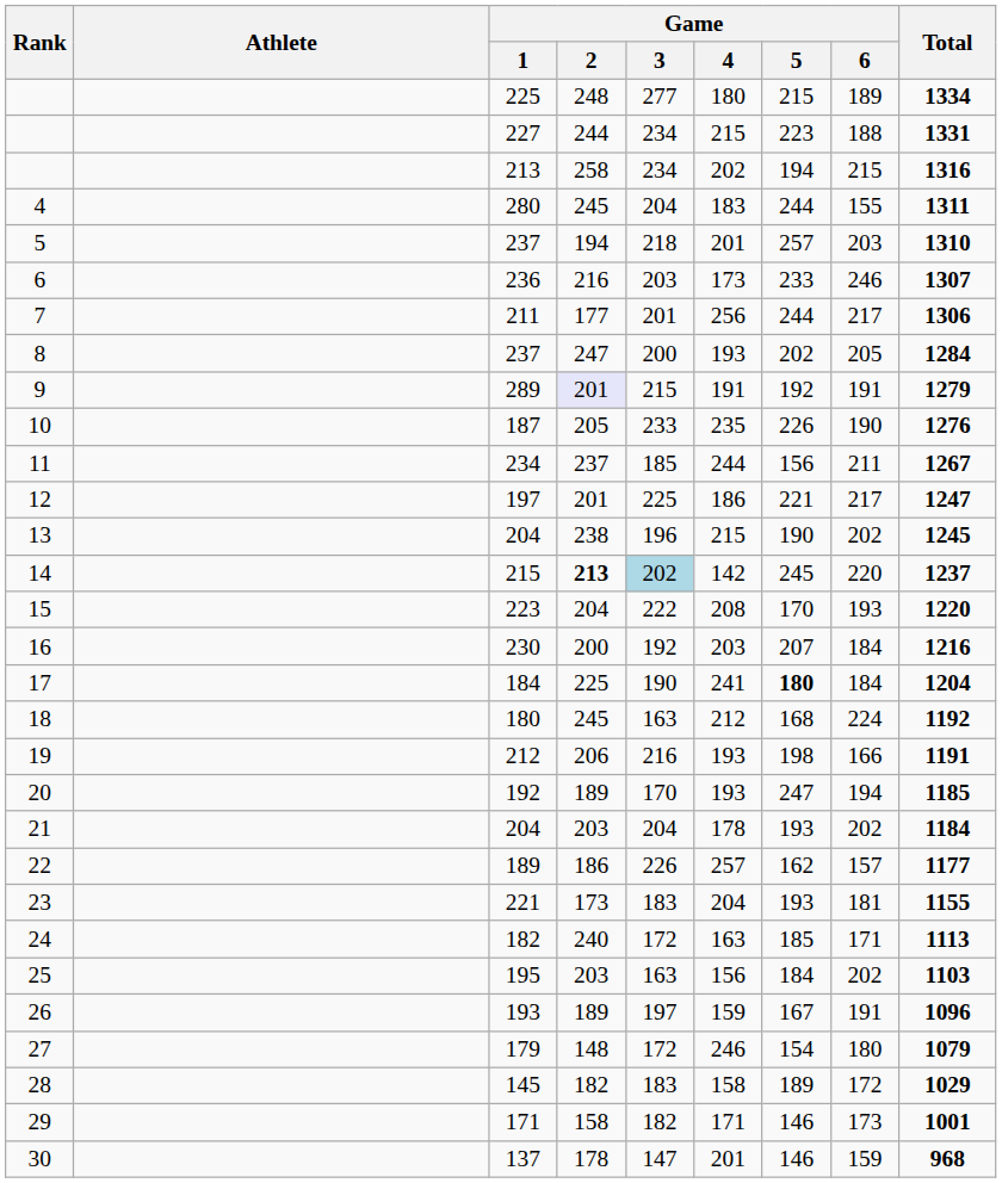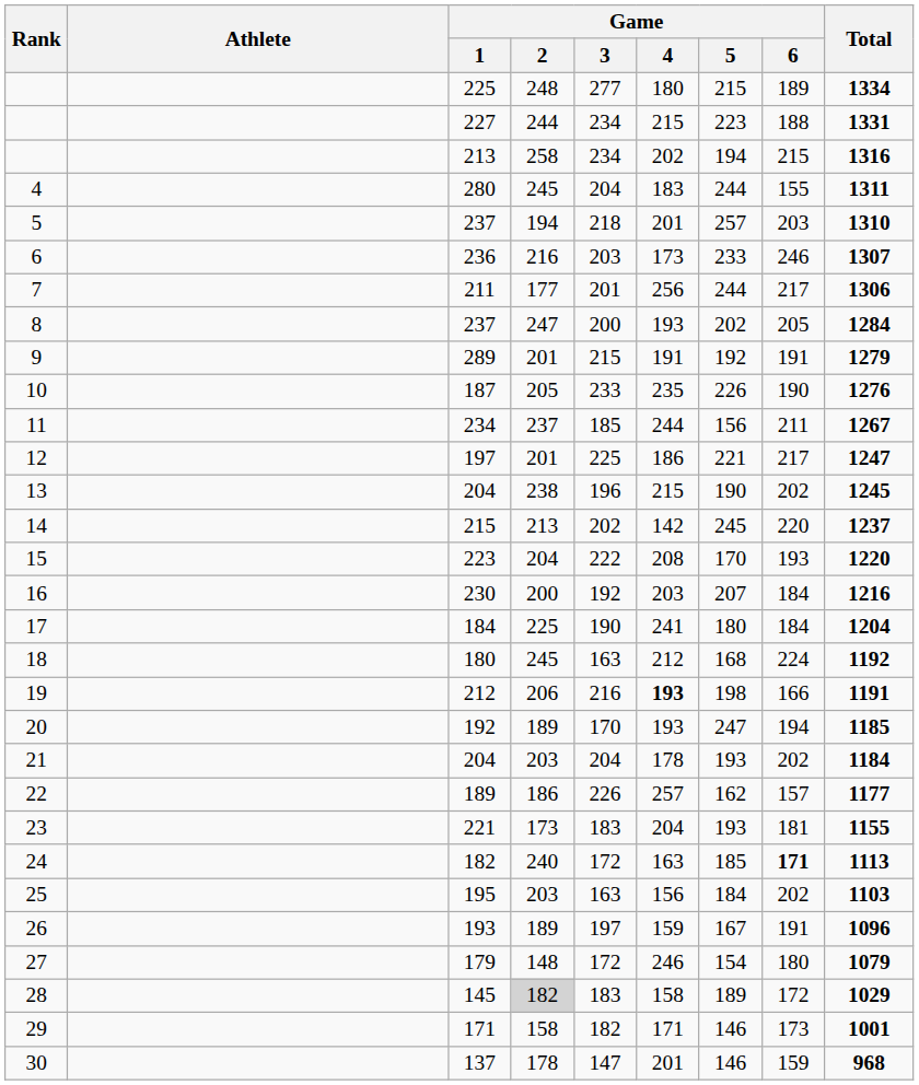 <table class=wikitable style="text-align:center">
 <tr>
 <th rowspan="2" width=40>Rank</th>
 <th rowspan="2" width=280>Athlete</th>
 <th colspan="6">Game</th>
 <th rowspan="2" width=60>Total</th>
 </tr>
 <tr>
 <th width=40>1</th>
 <th width=40>2</th>
 <th width=40>3</th>
 <th width=40>4</th>
 <th width=40>5</th>
 <th width=40>6</th>
 </tr>
 <tr>
 <td></td>
 <td align=left></td>
 <td>225</td>
 <td>248</td>
 <td>277</td>
 <td>180</td>
 <td>215</td>
 <td>189</td>
 <td><strong>1334</strong></td>
 </tr>
 <tr>
 <td></td>
 <td align=left></td>
 <td>227</td>
 <td>244</td>
 <td>234</td>
 <td>215</td>
 <td>223</td>
 <td>188</td>
 <td><strong>1331</strong></td>
 </tr>
 <tr>
 <td></td>
 <td align=left></td>
 <td>213</td>
 <td>258</td>
 <td>234</td>
 <td>202</td>
 <td>194</td>
 <td>215</td>
 <td><strong>1316</strong></td>
 </tr>
 <tr>
 <td>4</td>
 <td align=left></td>
 <td>280</td>
 <td>245</td>
 <td>204</td>
 <td>183</td>
 <td>244</td>
 <td>155</td>
 <td><strong>1311</strong></td>
 </tr>
 <tr>
 <td>5</td>
 <td align=left></td>
 <td>237</td>
 <td>194</td>
 <td>218</td>
 <td>201</td>
 <td>257</td>
 <td>203</td>
 <td><strong>1310</strong></td>
 </tr>
 <tr>
 <td>6</td>
 <td align=left></td>
 <td>236</td>
 <td>216</td>
 <td>203</td>
 <td>173</td>
 <td>233</td>
 <td>246</td>
 <td><strong>1307</strong></td>
 </tr>
 <tr>
 <td>7</td>
 <td align=left></td>
 <td>211</td>
 <td>177</td>
 <td>201</td>
 <td>256</td>
 <td>244</td>
 <td>217</td>
 <td><strong>1306</strong></td>
 </tr>
 <tr>
 <td>8</td>
 <td align=left></td>
 <td>237</td>
 <td>247</td>
 <td>200</td>
 <td>193</td>
 <td>202</td>
 <td>205</td>
 <td><strong>1284</strong></td>
 </tr>
 <tr>
 <td>9</td>
 <td align=left></td>
 <td>289</td>
-<td style="background: lavender;">201</td>
+<td>201</td>
 <td>215</td>
 <td>191</td>
 <td>192</td>
 <td>191</td>
 <td><strong>1279</strong></td>
 </tr>
 <tr>
 <td>10</td>
 <td align=left></td>
 <td>187</td>
 <td>205</td>
 <td>233</td>
 <td>235</td>
 <td>226</td>
 <td>190</td>
 <td><strong>1276</strong></td>
 </tr>
 <tr>
 <td>11</td>
 <td align=left></td>
 <td>234</td>
 <td>237</td>
 <td>185</td>
 <td>244</td>
 <td>156</td>
 <td>211</td>
 <td><strong>1267</strong></td>
 </tr>
 <tr>
 <td>12</td>
 <td align=left></td>
 <td>197</td>
 <td>201</td>
 <td>225</td>
 <td>186</td>
 <td>221</td>
 <td>217</td>
 <td><strong>1247</strong></td>
 </tr>
 <tr>
 <td>13</td>
 <td align=left></td>
 <td>204</td>
 <td>238</td>
 <td>196</td>
 <td>215</td>
 <td>190</td>
 <td>202</td>
 <td><strong>1245</strong></td>
 </tr>
 <tr>
 <td>14</td>
 <td align=left></td>
 <td>215</td>
-<td><strong>213</strong></td>
-<td style="background: lightblue;">202</td>
+<td>213</td>
+<td>202</td>
 <td>142</td>
 <td>245</td>
 <td>220</td>
 <td><strong>1237</strong></td>
 </tr>
 <tr>
 <td>15</td>
 <td align=left></td>
 <td>223</td>
 <td>204</td>
 <td>222</td>
 <td>208</td>
 <td>170</td>
 <td>193</td>
 <td><strong>1220</strong></td>
 </tr>
 <tr>
 <td>16</td>
 <td align=left></td>
 <td>230</td>
 <td>200</td>
 <td>192</td>
 <td>203</td>
 <td>207</td>
 <td>184</td>
 <td><strong>1216</strong></td>
 </tr>
 <tr>
 <td>17</td>
 <td align=left></td>
 <td>184</td>
 <td>225</td>
 <td>190</td>
 <td>241</td>
-<td><strong>180</strong></td>
+<td>180</td>
 <td>184</td>
 <td><strong>1204</strong></td>
 </tr>
 <tr>
 <td>18</td>
 <td align=left></td>
 <td>180</td>
 <td>245</td>
 <td>163</td>
 <td>212</td>
 <td>168</td>
 <td>224</td>
 <td><strong>1192</strong></td>
 </tr>
 <tr>
 <td>19</td>
 <td align=left></td>
 <td>212</td>
 <td>206</td>
 <td>216</td>
-<td>193</td>
+<td><strong>193</strong></td>
 <td>198</td>
 <td>166</td>
 <td><strong>1191</strong></td>
 </tr>
 <tr>
 <td>20</td>
 <td align=left></td>
 <td>192</td>
 <td>189</td>
 <td>170</td>
 <td>193</td>
 <td>247</td>
 <td>194</td>
 <td><strong>1185</strong></td>
 </tr>
 <tr>
 <td>21</td>
 <td align=left></td>
 <td>204</td>
 <td>203</td>
 <td>204</td>
 <td>178</td>
 <td>193</td>
 <td>202</td>
 <td><strong>1184</strong></td>
 </tr>
 <tr>
 <td>22</td>
 <td align=left></td>
 <td>189</td>
 <td>186</td>
 <td>226</td>
 <td>257</td>
 <td>162</td>
 <td>157</td>
 <td><strong>1177</strong></td>
 </tr>
 <tr>
 <td>23</td>
 <td align=left></td>
 <td>221</td>
 <td>173</td>
 <td>183</td>
 <td>204</td>
 <td>193</td>
 <td>181</td>
 <td><strong>1155</strong></td>
 </tr>
 <tr>
 <td>24</td>
 <td align=left></td>
 <td>182</td>
 <td>240</td>
 <td>172</td>
 <td>163</td>
 <td>185</td>
-<td>171</td>
+<td><strong>171</strong></td>
 <td><strong>1113</strong></td>
 </tr>
 <tr>
 <td>25</td>
 <td align=left></td>
 <td>195</td>
 <td>203</td>
 <td>163</td>
 <td>156</td>
 <td>184</td>
 <td>202</td>
 <td><strong>1103</strong></td>
 </tr>
 <tr>
 <td>26</td>
 <td align=left></td>
 <td>193</td>
 <td>189</td>
 <td>197</td>
 <td>159</td>
 <td>167</td>
 <td>191</td>
 <td><strong>1096</strong></td>
 </tr>
 <tr>
 <td>27</td>
 <td align=left></td>
 <td>179</td>
 <td>148</td>
 <td>172</td>
 <td>246</td>
 <td>154</td>
 <td>180</td>
 <td><strong>1079</strong></td>
 </tr>
 <tr>
 <td>28</td>
 <td align=left></td>
 <td>145</td>
-<td>182</td>
+<td style="background: lightgrey;">182</td>
 <td>183</td>
 <td>158</td>
 <td>189</td>
 <td>172</td>
 <td><strong>1029</strong></td>
 </tr>
 <tr>
 <td>29</td>
 <td align=left></td>
 <td>171</td>
 <td>158</td>
 <td>182</td>
 <td>171</td>
 <td>146</td>
 <td>173</td>
 <td><strong>1001</strong></td>
 </tr>
 <tr>
 <td>30</td>
 <td align=left></td>
 <td>137</td>
 <td>178</td>
 <td>147</td>
 <td>201</td>
 <td>146</td>
 <td>159</td>
 <td><strong>968</strong></td>
 </tr>
 </table>
